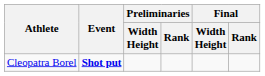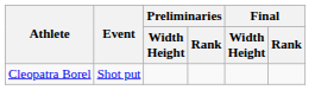 <table class=wikitable style="font-size:90%;">
 <tr>
 <th rowspan="2">Athlete</th>
 <th rowspan="2">Event</th>
 <th colspan="2">Preliminaries</th>
 <th colspan="2">Final</th>
 </tr>
 <tr>
 <th>Width<br>Height</th>
 <th>Rank</th>
 <th>Width<br>Height</th>
 <th>Rank</th>
 </tr>
 <tr style="border-top: single;">
 <td><a href='#'>Cleopatra Borel</a></td>
-<td><strong><a href='#'>Shot put</a></strong></td>
+<td><a href='#'>Shot put</a></td>
 <td align=center></td>
 <td align=center></td>
 <td align=center></td>
 <td align=center></td>
 </tr>
 </table>
